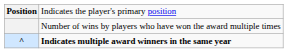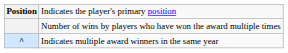 <table class="wikitable plainrowheaders" style="font-size:85%">
 <tr>
 <th scope="row" style="text-align:center"><strong>Position</strong></th>
 <td>Indicates the player's primary <a href='#'>position</a></td>
 </tr>
 <tr>
 <th scope="row" style="text-align:center"></th>
 <td>Number of wins by players who have won the award multiple times</td>
 </tr>
 <tr>
 <th scope="row" style="text-align:center; background-color:#D0E7FF;">^</th>
-<td><strong>Indicates multiple award winners in the same year</strong></td>
+<td>Indicates multiple award winners in the same year</td>
 </tr>
 </table>
